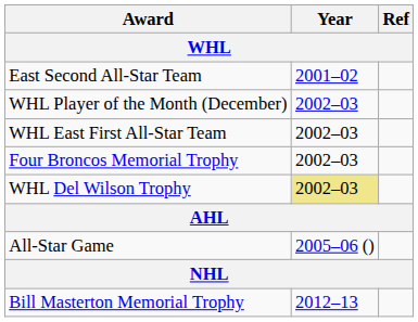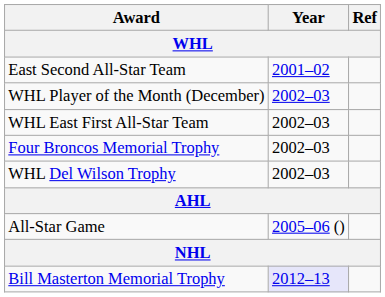 <table class="wikitable">
 <tr>
 <th>Award</th>
 <th>Year</th>
 <th>Ref</th>
 </tr>
 <tr>
 <th colspan="3"><a href='#'>WHL</a></th>
 </tr>
 <tr>
 <td>East Second All-Star Team</td>
 <td><a href='#'>2001–02</a></td>
 <td></td>
 </tr>
 <tr>
 <td>WHL Player of the Month (December)</td>
 <td><a href='#'>2002–03</a></td>
 <td></td>
 </tr>
 <tr>
 <td>WHL East First All-Star Team</td>
 <td>2002–03</td>
 <td></td>
 </tr>
 <tr>
 <td><a href='#'>Four Broncos Memorial Trophy</a></td>
 <td>2002–03</td>
 <td></td>
 </tr>
 <tr>
 <td>WHL <a href='#'>Del Wilson Trophy</a></td>
-<td style="background: khaki;">2002–03</td>
+<td>2002–03</td>
 <td></td>
 </tr>
 <tr>
 <th colspan="3"><a href='#'>AHL</a></th>
 </tr>
 <tr>
 <td>All-Star Game</td>
 <td><a href='#'>2005–06</a> ()</td>
 <td></td>
 </tr>
 <tr>
 <th colspan="3"><a href='#'>NHL</a></th>
 </tr>
 <tr>
 <td><a href='#'>Bill Masterton Memorial Trophy</a></td>
-<td><a href='#'>2012–13</a></td>
+<td style="background: lavender;"><a href='#'>2012–13</a></td>
 <td></td>
 </tr>
 </table>
